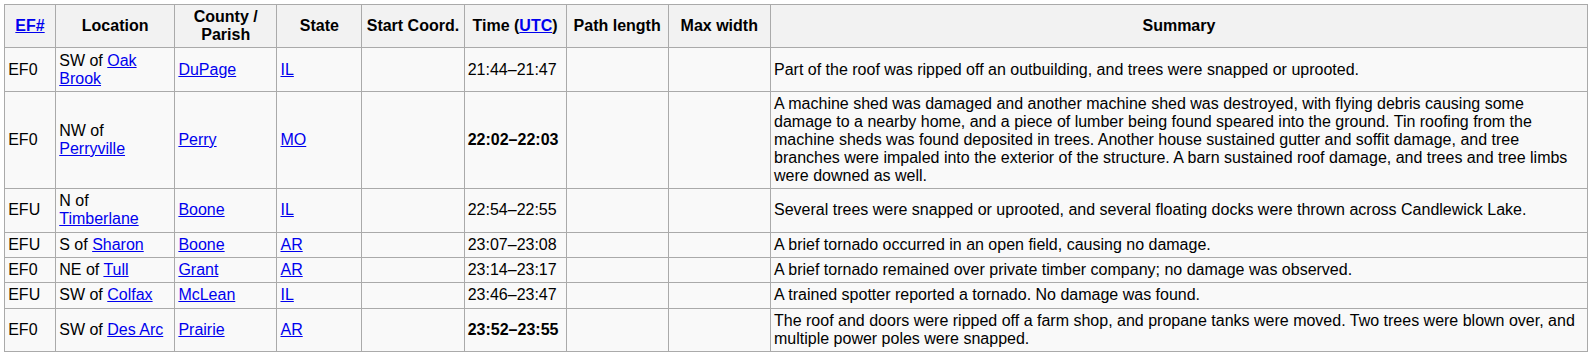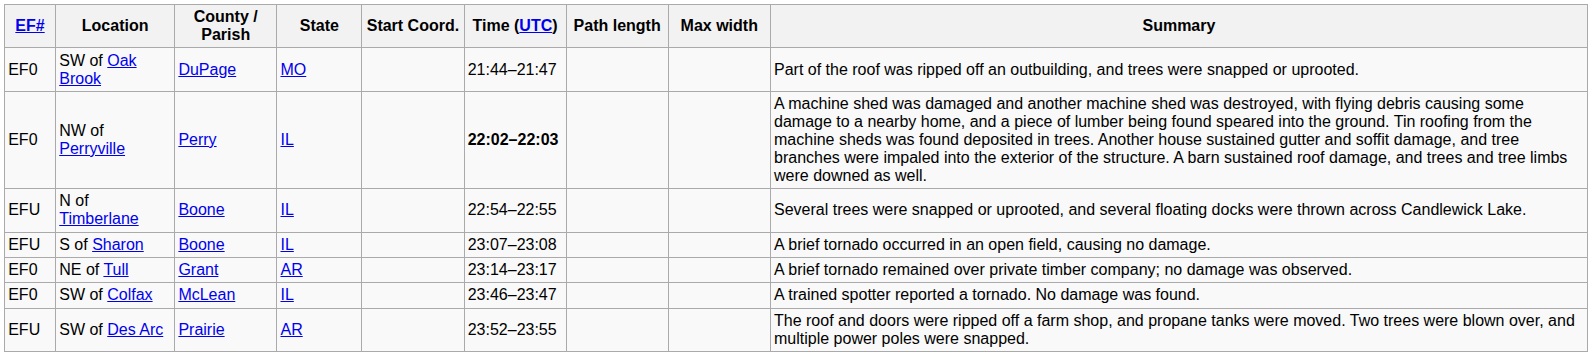 <table class="wikitable sortable" style="width:100%;">
 <tr>
 <th scope="col"  style="width:3%; text-align:center;"><a href='#'>EF#</a></th>
 <th scope="col"  style="width:7%; text-align:center;" class="unsortable">Location</th>
 <th scope="col"  style="width:6%; text-align:center;" class="unsortable">County / Parish</th>
 <th scope="col"  style="width:5%; text-align:center;">State</th>
 <th scope="col"  style="width:6%; text-align:center;">Start Coord.</th>
 <th scope="col"  style="width:6%; text-align:center;">Time (<a href='#'>UTC</a>)</th>
 <th scope="col"  style="width:6%; text-align:center;">Path length</th>
 <th scope="col"  style="width:6%; text-align:center;">Max width</th>
 <th scope="col" class="unsortable" style="width:48%; text-align:center;">Summary</th>
 </tr>
 <tr>
 <td>EF0</td>
 <td>SW of <a href='#'>Oak Brook</a></td>
 <td><a href='#'>DuPage</a></td>
-<td><a href='#'>IL</a></td>
+<td><a href='#'>MO</a></td>
 <td></td>
 <td>21:44–21:47</td>
 <td></td>
 <td></td>
 <td>Part of the roof was ripped off an outbuilding, and trees were snapped or uprooted.</td>
 </tr>
 <tr>
 <td>EF0</td>
 <td>NW of <a href='#'>Perryville</a></td>
 <td><a href='#'>Perry</a></td>
-<td><a href='#'>MO</a></td>
+<td><a href='#'>IL</a></td>
 <td></td>
 <td><strong>22:02–22:03</strong></td>
 <td></td>
 <td></td>
 <td>A machine shed was damaged and another machine shed was destroyed, with flying debris causing some damage to a nearby home, and a piece of lumber being found speared into the ground. Tin roofing from the machine sheds was found deposited in trees. Another house sustained gutter and soffit damage, and tree branches were impaled into the exterior of the structure. A barn sustained roof damage, and trees and tree limbs were downed as well.</td>
 </tr>
 <tr>
 <td>EFU</td>
 <td>N of <a href='#'>Timberlane</a></td>
 <td><a href='#'>Boone</a></td>
 <td><a href='#'>IL</a></td>
 <td></td>
 <td>22:54–22:55</td>
 <td></td>
 <td></td>
 <td>Several trees were snapped or uprooted, and several floating docks were thrown across Candlewick Lake.</td>
 </tr>
 <tr>
 <td>EFU</td>
 <td>S of <a href='#'>Sharon</a></td>
 <td><a href='#'>Boone</a></td>
-<td><a href='#'>AR</a></td>
+<td><a href='#'>IL</a></td>
 <td></td>
 <td>23:07–23:08</td>
 <td></td>
 <td></td>
 <td>A brief tornado occurred in an open field, causing no damage.</td>
 </tr>
 <tr>
 <td>EF0</td>
 <td>NE of <a href='#'>Tull</a></td>
 <td><a href='#'>Grant</a></td>
 <td><a href='#'>AR</a></td>
 <td></td>
 <td>23:14–23:17</td>
 <td></td>
 <td></td>
 <td>A brief tornado remained over private timber company; no damage was observed.</td>
 </tr>
 <tr>
-<td>EFU</td>
+<td>EF0</td>
 <td>SW of <a href='#'>Colfax</a></td>
 <td><a href='#'>McLean</a></td>
 <td><a href='#'>IL</a></td>
 <td></td>
 <td>23:46–23:47</td>
 <td></td>
 <td></td>
 <td>A trained spotter reported a tornado. No damage was found.</td>
 </tr>
 <tr>
-<td>EF0</td>
+<td>EFU</td>
 <td>SW of <a href='#'>Des Arc</a></td>
 <td><a href='#'>Prairie</a></td>
 <td><a href='#'>AR</a></td>
 <td></td>
-<td><strong>23:52–23:55</strong></td>
+<td>23:52–23:55</td>
 <td></td>
 <td></td>
 <td>The roof and doors were ripped off a farm shop, and propane tanks were moved. Two trees were blown over, and multiple power poles were snapped.</td>
 </tr>
 <tr>
 </tr>
 </table>
